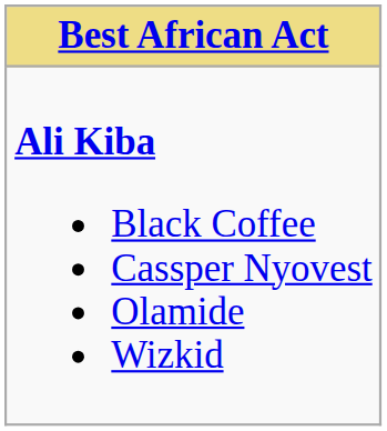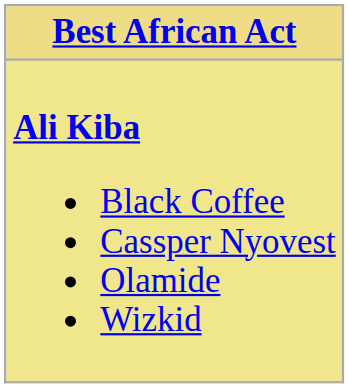 <table class=wikitable style="width=100%">
 <tr>
 <th style="background:#EEDD85; width=100%"><a href='#'>Best African Act</a></th>
 </tr>
 <tr>
-<td valign="top"><br><strong><a href='#'>Ali Kiba</a></strong><ul><li><a href='#'>Black Coffee</a></li><li><a href='#'>Cassper Nyovest</a></li><li><a href='#'>Olamide</a></li><li><a href='#'>Wizkid</a></li></ul></td>
+<td valign="top" style="background: khaki;"><br><strong><a href='#'>Ali Kiba</a></strong><ul><li><a href='#'>Black Coffee</a></li><li><a href='#'>Cassper Nyovest</a></li><li><a href='#'>Olamide</a></li><li><a href='#'>Wizkid</a></li></ul></td>
 </tr>
 </table>
